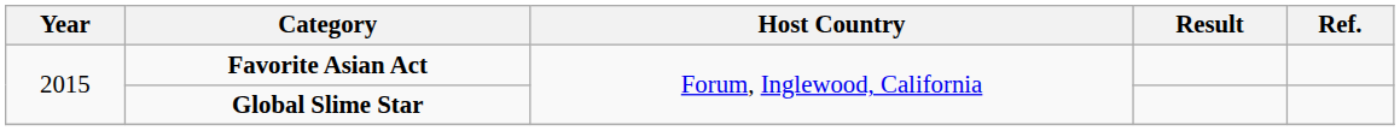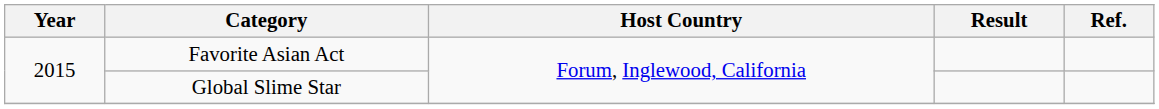 <table class="wikitable" style="text-align:center" width=70%>
 <tr>
 <th>Year</th>
 <th>Category</th>
 <th>Host Country</th>
 <th>Result</th>
 <th>Ref.</th>
 </tr>
 <tr>
 <td rowspan=2>2015</td>
-<td><strong>Favorite Asian Act</strong></td>
+<td>Favorite Asian Act</td>
 <td rowspan=2><a href='#'>Forum</a>, <a href='#'>Inglewood, California</a></td>
 <td></td>
 <td></td>
 </tr>
 <tr>
-<td><strong>Global Slime Star</strong></td>
+<td>Global Slime Star</td>
 <td></td>
 <td></td>
 </tr>
 <tr>
 </tr>
 </table>
